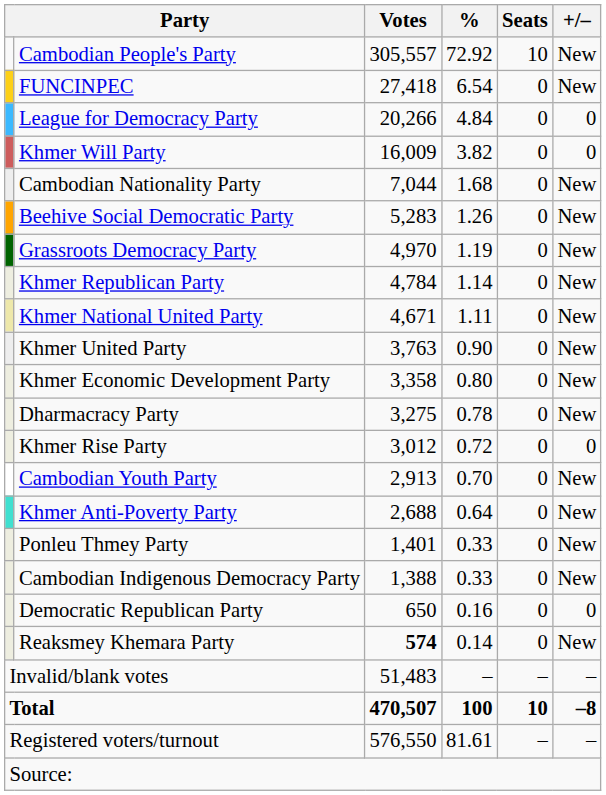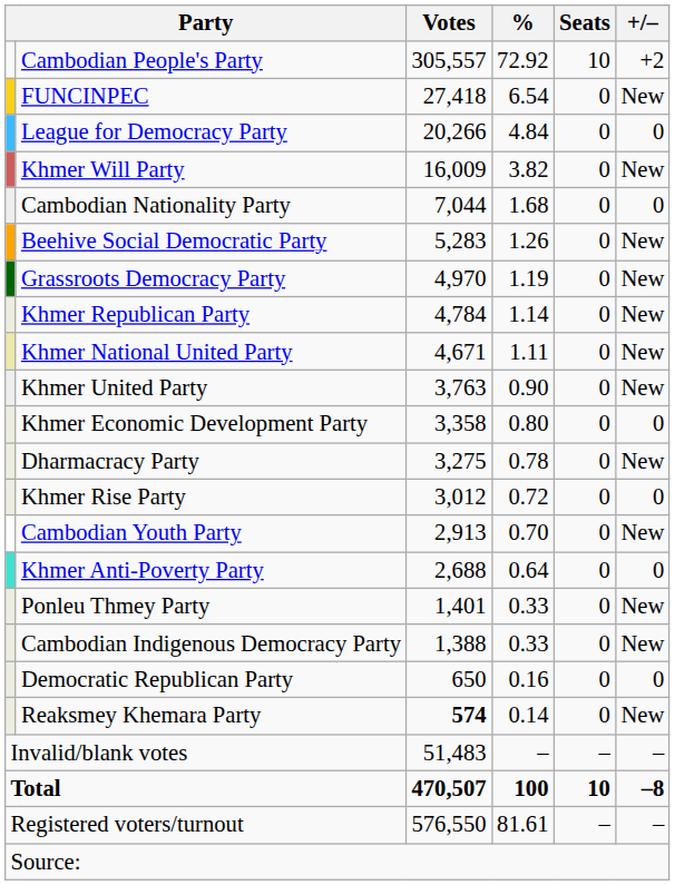 <table class=wikitable style=text-align:right>
 <tr>
 <th colspan=2>Party</th>
 <th>Votes</th>
 <th>%</th>
 <th>Seats</th>
 <th>+/–</th>
 </tr>
 <tr>
 <td style="background:"></td>
 <td align=left><a href='#'>Cambodian People's Party</a></td>
 <td>305,557</td>
 <td>72.92</td>
 <td>10</td>
-<td>New</td>
+<td>+2</td>
 </tr>
 <tr>
 <td bgcolor=#FDD017></td>
 <td align=left><a href='#'>FUNCINPEC</a></td>
 <td>27,418</td>
 <td>6.54</td>
 <td>0</td>
 <td>New</td>
 </tr>
 <tr>
 <td style="background:#3BB9FF"></td>
 <td align=left><a href='#'>League for Democracy Party</a></td>
 <td>20,266</td>
 <td>4.84</td>
 <td>0</td>
 <td>0</td>
 </tr>
 <tr>
 <td bgcolor=#CD5C5C></td>
 <td align=left><a href='#'>Khmer Will Party</a></td>
 <td>16,009</td>
 <td>3.82</td>
 <td>0</td>
-<td>0</td>
+<td>New</td>
 </tr>
 <tr>
 <td bgcolor=#EEEEEE></td>
 <td align=left>Cambodian Nationality Party</td>
 <td>7,044</td>
 <td>1.68</td>
 <td>0</td>
-<td>New</td>
+<td>0</td>
 </tr>
 <tr>
 <td bgcolor=#FFA500></td>
 <td align=left><a href='#'>Beehive Social Democratic Party</a></td>
 <td>5,283</td>
 <td>1.26</td>
 <td>0</td>
 <td>New</td>
 </tr>
 <tr>
 <td bgcolor=#006400></td>
 <td align=left><a href='#'>Grassroots Democracy Party</a></td>
 <td>4,970</td>
 <td>1.19</td>
 <td>0</td>
 <td>New</td>
 </tr>
 <tr>
 <td bgcolor=#EEEEE></td>
 <td align=left><a href='#'>Khmer Republican Party</a></td>
 <td>4,784</td>
 <td>1.14</td>
 <td>0</td>
 <td>New</td>
 </tr>
 <tr>
 <td bgcolor=#EEE8AA></td>
 <td align=left><a href='#'>Khmer National United Party</a></td>
 <td>4,671</td>
 <td>1.11</td>
 <td>0</td>
 <td>New</td>
 </tr>
 <tr>
 <td bgcolor=#EEEEEE></td>
 <td align=left>Khmer United Party</td>
 <td>3,763</td>
 <td>0.90</td>
 <td>0</td>
 <td>New</td>
 </tr>
 <tr>
 <td bgcolor=#EEEEE></td>
 <td align=left>Khmer Economic Development Party</td>
 <td>3,358</td>
 <td>0.80</td>
 <td>0</td>
-<td>New</td>
+<td>0</td>
 </tr>
 <tr>
 <td bgcolor=#EEEEE></td>
 <td align=left>Dharmacracy Party</td>
 <td>3,275</td>
 <td>0.78</td>
 <td>0</td>
 <td>New</td>
 </tr>
 <tr>
 <td bgcolor=#EEEEE></td>
 <td align=left>Khmer Rise Party</td>
 <td>3,012</td>
 <td>0.72</td>
 <td>0</td>
 <td>0</td>
 </tr>
 <tr>
 <td bgcolor=#FFFFFF></td>
 <td align=left><a href='#'>Cambodian Youth Party</a></td>
 <td>2,913</td>
 <td>0.70</td>
 <td>0</td>
 <td>New</td>
 </tr>
 <tr>
 <td bgcolor=#40E0D0></td>
 <td align=left><a href='#'>Khmer Anti-Poverty Party</a></td>
 <td>2,688</td>
 <td>0.64</td>
 <td>0</td>
-<td>New</td>
+<td>0</td>
 </tr>
 <tr>
 <td bgcolor=#EEEEE></td>
 <td align=left>Ponleu Thmey Party</td>
 <td>1,401</td>
 <td>0.33</td>
 <td>0</td>
 <td>New</td>
 </tr>
 <tr>
 <td bgcolor=#EEEEE></td>
 <td align=left>Cambodian Indigenous Democracy Party</td>
 <td>1,388</td>
 <td>0.33</td>
 <td>0</td>
 <td>New</td>
 </tr>
 <tr>
 <td bgcolor=#EEEEE></td>
 <td align=left>Democratic Republican Party</td>
 <td>650</td>
 <td>0.16</td>
 <td>0</td>
 <td>0</td>
 </tr>
 <tr>
 <td bgcolor=#EEEEE></td>
 <td align=left>Reaksmey Khemara Party</td>
 <td><strong>574</strong></td>
 <td>0.14</td>
 <td>0</td>
 <td>New</td>
 </tr>
 <tr>
 <td colspan=2 align=left>Invalid/blank votes</td>
 <td>51,483</td>
 <td>–</td>
 <td>–</td>
 <td>–</td>
 </tr>
 <tr>
 <td colspan=2 align=left><strong>Total</strong></td>
 <td><strong>470,507</strong></td>
 <td><strong>100</strong></td>
 <td><strong>10</strong></td>
 <td><strong>–8</strong></td>
 </tr>
 <tr>
 <td colspan=2 align=left>Registered voters/turnout</td>
 <td>576,550</td>
 <td>81.61</td>
 <td>–</td>
 <td>–</td>
 </tr>
 <tr>
 <td colspan=6 align=left>Source: </td>
 </tr>
 </table>
